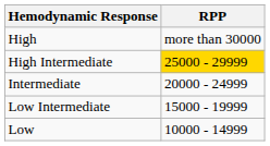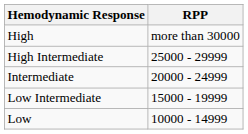 <table class="wikitable">
 <tr>
 <th>Hemodynamic Response</th>
 <th>RPP</th>
 </tr>
 <tr>
 <td>High</td>
 <td>more than 30000</td>
 </tr>
 <tr>
 <td>High Intermediate</td>
-<td style="background: gold;">25000 - 29999</td>
+<td>25000 - 29999</td>
 </tr>
 <tr>
 <td>Intermediate</td>
 <td>20000 - 24999</td>
 </tr>
 <tr>
 <td>Low Intermediate</td>
 <td>15000 - 19999</td>
 </tr>
 <tr>
 <td>Low</td>
 <td>10000 - 14999</td>
 </tr>
 </table>
